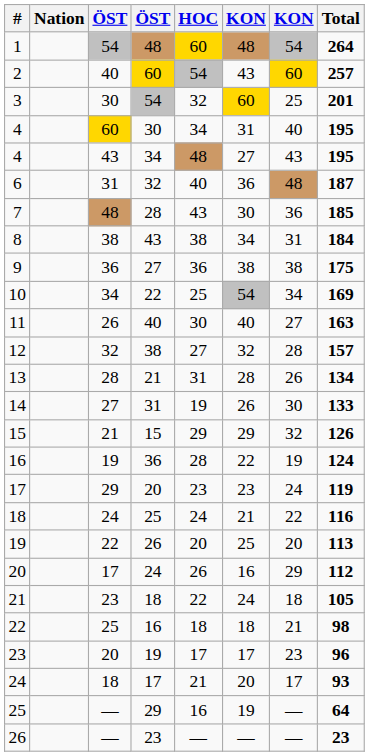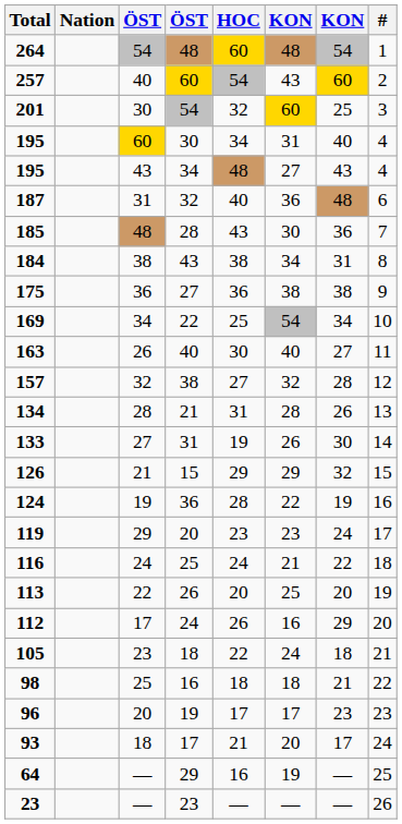 <table class="wikitable sortable" style="text-align:center;">
 <tr>
-<th>#</th>
+<th><strong>Total</strong> </th>
 <th>Nation</th>
 <th><a href='#'>ÖST</a><br></th>
 <th><a href='#'>ÖST</a><br></th>
 <th><a href='#'>HOC</a><br></th>
 <th><a href='#'>KON</a><br></th>
 <th><a href='#'>KON</a><br></th>
-<th><strong>Total</strong> </th>
+<th>#</th>
 </tr>
 <tr>
-<td>1</td>
+<td><strong>264</strong></td>
 <td align="left"></td>
 <td bgcolor="silver">54</td>
 <td bgcolor="CC9966">48</td>
 <td bgcolor="gold">60</td>
 <td bgcolor="CC9966">48</td>
 <td bgcolor="silver">54</td>
-<td><strong>264</strong></td>
+<td>1</td>
 </tr>
 <tr>
-<td>2</td>
+<td><strong>257</strong></td>
 <td align="left"></td>
 <td>40</td>
 <td bgcolor="gold">60</td>
 <td bgcolor="silver">54</td>
 <td>43</td>
 <td bgcolor="gold">60</td>
-<td><strong>257</strong></td>
+<td>2</td>
 </tr>
 <tr>
-<td>3</td>
+<td><strong>201</strong></td>
 <td align="left"></td>
 <td>30</td>
 <td bgcolor="silver">54</td>
 <td>32</td>
 <td bgcolor="gold">60</td>
 <td>25</td>
-<td><strong>201</strong></td>
+<td>3</td>
 </tr>
 <tr>
-<td>4</td>
+<td><strong>195</strong></td>
 <td align="left"></td>
 <td bgcolor="gold">60</td>
 <td>30</td>
 <td>34</td>
 <td>31</td>
 <td>40</td>
-<td><strong>195</strong></td>
+<td>4</td>
 </tr>
 <tr>
-<td>4</td>
+<td><strong>195</strong></td>
 <td align="left"></td>
 <td>43</td>
 <td>34</td>
 <td bgcolor="CC9966">48</td>
 <td>27</td>
 <td>43</td>
-<td><strong>195</strong></td>
+<td>4</td>
 </tr>
 <tr>
-<td>6</td>
+<td><strong>187</strong></td>
 <td align="left"></td>
 <td>31</td>
 <td>32</td>
 <td>40</td>
 <td>36</td>
 <td bgcolor="CC9966">48</td>
-<td><strong>187</strong></td>
+<td>6</td>
 </tr>
 <tr>
-<td>7</td>
+<td><strong>185</strong></td>
 <td align="left"></td>
 <td bgcolor="CC9966">48</td>
 <td>28</td>
 <td>43</td>
 <td>30</td>
 <td>36</td>
-<td><strong>185</strong></td>
+<td>7</td>
 </tr>
 <tr>
-<td>8</td>
+<td><strong>184</strong></td>
 <td align="left"></td>
 <td>38</td>
 <td>43</td>
 <td>38</td>
 <td>34</td>
 <td>31</td>
-<td><strong>184</strong></td>
+<td>8</td>
 </tr>
 <tr>
-<td>9</td>
+<td><strong>175</strong></td>
 <td align="left"></td>
 <td>36</td>
 <td>27</td>
 <td>36</td>
 <td>38</td>
 <td>38</td>
-<td><strong>175</strong></td>
+<td>9</td>
 </tr>
 <tr>
-<td>10</td>
+<td><strong>169</strong></td>
 <td align="left"></td>
 <td>34</td>
 <td>22</td>
 <td>25</td>
 <td bgcolor="silver">54</td>
 <td>34</td>
-<td><strong>169</strong></td>
+<td>10</td>
 </tr>
 <tr>
-<td>11</td>
+<td><strong>163</strong></td>
 <td align="left"></td>
 <td>26</td>
 <td>40</td>
 <td>30</td>
 <td>40</td>
 <td>27</td>
-<td><strong>163</strong></td>
+<td>11</td>
 </tr>
 <tr>
-<td>12</td>
+<td><strong>157</strong></td>
 <td align="left"></td>
 <td>32</td>
 <td>38</td>
 <td>27</td>
 <td>32</td>
 <td>28</td>
-<td><strong>157</strong></td>
+<td>12</td>
 </tr>
 <tr>
-<td>13</td>
+<td><strong>134</strong></td>
 <td align="left"></td>
 <td>28</td>
 <td>21</td>
 <td>31</td>
 <td>28</td>
 <td>26</td>
-<td><strong>134</strong></td>
+<td>13</td>
 </tr>
 <tr>
-<td>14</td>
+<td><strong>133</strong></td>
 <td align="left"></td>
 <td>27</td>
 <td>31</td>
 <td>19</td>
 <td>26</td>
 <td>30</td>
-<td><strong>133</strong></td>
+<td>14</td>
 </tr>
 <tr>
-<td>15</td>
+<td><strong>126</strong></td>
 <td align="left"></td>
 <td>21</td>
 <td>15</td>
 <td>29</td>
 <td>29</td>
 <td>32</td>
-<td><strong>126</strong></td>
+<td>15</td>
 </tr>
 <tr>
-<td>16</td>
+<td><strong>124</strong></td>
 <td align="left"></td>
 <td>19</td>
 <td>36</td>
 <td>28</td>
 <td>22</td>
 <td>19</td>
-<td><strong>124</strong></td>
+<td>16</td>
 </tr>
 <tr>
-<td>17</td>
+<td><strong>119</strong></td>
 <td align="left"></td>
 <td>29</td>
 <td>20</td>
 <td>23</td>
 <td>23</td>
 <td>24</td>
-<td><strong>119</strong></td>
+<td>17</td>
 </tr>
 <tr>
-<td>18</td>
+<td><strong>116</strong></td>
 <td align="left"></td>
 <td>24</td>
 <td>25</td>
 <td>24</td>
 <td>21</td>
 <td>22</td>
-<td><strong>116</strong></td>
+<td>18</td>
 </tr>
 <tr>
-<td>19</td>
+<td><strong>113</strong></td>
 <td align="left"></td>
 <td>22</td>
 <td>26</td>
 <td>20</td>
 <td>25</td>
 <td>20</td>
-<td><strong>113</strong></td>
+<td>19</td>
 </tr>
 <tr>
-<td>20</td>
+<td><strong>112</strong></td>
 <td align="left"></td>
 <td>17</td>
 <td>24</td>
 <td>26</td>
 <td>16</td>
 <td>29</td>
-<td><strong>112</strong></td>
+<td>20</td>
 </tr>
 <tr>
-<td>21</td>
+<td><strong>105</strong></td>
 <td align="left"></td>
 <td>23</td>
 <td>18</td>
 <td>22</td>
 <td>24</td>
 <td>18</td>
-<td><strong>105</strong></td>
+<td>21</td>
 </tr>
 <tr>
-<td>22</td>
+<td><strong>98</strong></td>
 <td align="left"></td>
 <td>25</td>
 <td>16</td>
 <td>18</td>
 <td>18</td>
 <td>21</td>
-<td><strong>98</strong></td>
+<td>22</td>
 </tr>
 <tr>
-<td>23</td>
+<td><strong>96</strong></td>
 <td align="left"></td>
 <td>20</td>
 <td>19</td>
 <td>17</td>
 <td>17</td>
 <td>23</td>
-<td><strong>96</strong></td>
+<td>23</td>
 </tr>
 <tr>
-<td>24</td>
+<td><strong>93</strong></td>
 <td align="left"></td>
 <td>18</td>
 <td>17</td>
 <td>21</td>
 <td>20</td>
 <td>17</td>
-<td><strong>93</strong></td>
+<td>24</td>
 </tr>
 <tr>
-<td>25</td>
+<td><strong>64</strong></td>
 <td align="left"></td>
 <td>—</td>
 <td>29</td>
 <td>16</td>
 <td>19</td>
 <td>—</td>
-<td><strong>64</strong></td>
+<td>25</td>
 </tr>
 <tr>
-<td>26</td>
+<td><strong>23</strong></td>
 <td align="left"></td>
 <td>—</td>
 <td>23</td>
 <td>—</td>
 <td>—</td>
 <td>—</td>
-<td><strong>23</strong></td>
+<td>26</td>
 </tr>
 </table>
